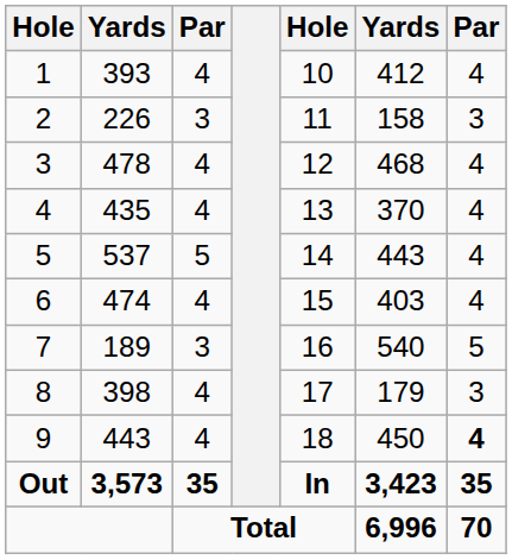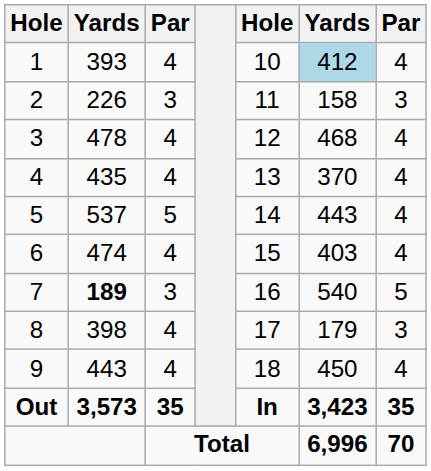 <table class="wikitable" style="text-align:center; font-size:100%;">
 <tr>
 <th>Hole</th>
 <th>Yards</th>
 <th>Par</th>
 <th rowspan="11" style="min-width: 1.2em"></th>
 <th>Hole</th>
 <th>Yards</th>
 <th>Par</th>
 </tr>
 <tr>
 <td>1</td>
 <td>393</td>
 <td>4</td>
 <td>10</td>
-<td>412</td>
+<td style="background: lightblue;">412</td>
 <td>4</td>
 </tr>
 <tr>
 <td>2</td>
 <td>226</td>
 <td>3</td>
 <td>11</td>
 <td>158</td>
 <td>3</td>
 </tr>
 <tr>
 <td>3</td>
 <td>478</td>
 <td>4</td>
 <td>12</td>
 <td>468</td>
 <td>4</td>
 </tr>
 <tr>
 <td>4</td>
 <td>435</td>
 <td>4</td>
 <td>13</td>
 <td>370</td>
 <td>4</td>
 </tr>
 <tr>
 <td>5</td>
 <td>537</td>
 <td>5</td>
 <td>14</td>
 <td>443</td>
 <td>4</td>
 </tr>
 <tr>
 <td>6</td>
 <td>474</td>
 <td>4</td>
 <td>15</td>
 <td>403</td>
 <td>4</td>
 </tr>
 <tr>
 <td>7</td>
-<td>189</td>
+<td><strong>189</strong></td>
 <td>3</td>
 <td>16</td>
 <td>540</td>
 <td>5</td>
 </tr>
 <tr>
 <td>8</td>
 <td>398</td>
 <td>4</td>
 <td>17</td>
 <td>179</td>
 <td>3</td>
 </tr>
 <tr>
 <td>9</td>
 <td>443</td>
 <td>4</td>
 <td>18</td>
 <td>450</td>
-<td><strong>4</strong></td>
+<td>4</td>
 </tr>
 <tr>
 <td><strong>Out</strong></td>
 <td><strong>3,573</strong></td>
 <td><strong>35</strong></td>
 <td><strong>In</strong></td>
 <td><strong>3,423</strong></td>
 <td><strong>35</strong></td>
 </tr>
 <tr>
 <td colspan=2 align=left></td>
 <td colspan=3><strong>Total</strong></td>
 <td><strong>6,996</strong></td>
 <td><strong>70</strong></td>
 </tr>
 </table>
